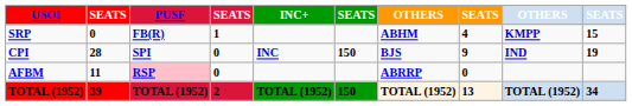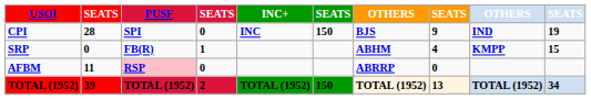 <table class="wikitable" style="font-weight: bold; font-size: x-small; font-family: verdana">
 <tr>
 <th style="background-color:#FF0000; color:white"><a href='#'>USOI</a></th>
 <th style="background-color:#FF0000; color:white">SEATS</th>
 <th style="background-color:#DC143C; color:white"><a href='#'>PUSF</a></th>
 <th style="background-color:#DC143C; color:white">SEATS</th>
 <th style="background-color:#009900; color:white">INC+</th>
 <th style="background-color:#009900; color:white">SEATS</th>
 <th style="background-color:#FF9900; color:white">OTHERS</th>
 <th style="background-color:#FF9900; color:white">SEATS</th>
 <th style="background-color:#cedff2; color:white">OTHERS</th>
 <th style="background-color:#cedff2; color:white">SEATS</th>
 </tr>
 <tr --->
+<td><a href='#'>CPI</a></td>
+<td>28</td>
+<td><a href='#'>SPI</a></td>
+<td>0</td>
+<td><a href='#'>INC</a></td>
+<td>150</td>
+<td><a href='#'>BJS</a></td>
+<td>9</td>
+<td><a href='#'>IND</a></td>
+<td>19</td>
+</tr>
+<tr --->
 <td><a href='#'>SRP</a></td>
 <td>0</td>
 <td><a href='#'>FB(R)</a></td>
 <td>1</td>
 <td></td>
 <td></td>
 <td><a href='#'>ABHM</a></td>
 <td>4</td>
 <td><a href='#'>KMPP</a></td>
 <td>15</td>
-</tr>
-<tr --->
-<td><a href='#'>CPI</a></td>
-<td>28</td>
-<td><a href='#'>SPI</a></td>
-<td>0</td>
-<td><a href='#'>INC</a></td>
-<td>150</td>
-<td><a href='#'>BJS</a></td>
-<td>9</td>
-<td><a href='#'>IND</a></td>
-<td>19</td>
 </tr>
 <tr --->
 <td><a href='#'>AFBM</a></td>
 <td>11</td>
 <td style="background: pink;"><a href='#'>RSP</a></td>
 <td>0</td>
 <td></td>
 <td></td>
 <td><a href='#'>ABRRP</a></td>
 <td>0</td>
 <td></td>
 <td></td>
 </tr>
 <tr --->
 <td bgcolor=#FF0000>TOTAL (1952)</td>
 <td bgcolor=#FF0000>39</td>
 <td bgcolor=#DC143C>TOTAL (1952)</td>
 <td bgcolor=#DC143C>2</td>
 <td bgcolor=#009900>TOTAL (1952)</td>
 <td bgcolor=#009900>150</td>
 <td bgcolor=#FFF3E1>TOTAL (1952)</td>
 <td bgcolor=#FFF3E1>13</td>
 <td bgcolor=#cedff2>TOTAL (1952)</td>
 <td bgcolor=#cedff2>34</td>
 </tr>
 </table>
